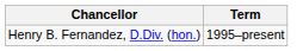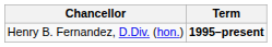 <table class="wikitable">
 <tr>
 <th>Chancellor</th>
 <th>Term</th>
 </tr>
 <tr>
 <td>Henry B. Fernandez, <a href='#'>D.Div.</a> (<a href='#'>hon.</a>)</td>
-<td>1995–present</td>
+<td><strong>1995–present</strong></td>
 </tr>
 </table>
